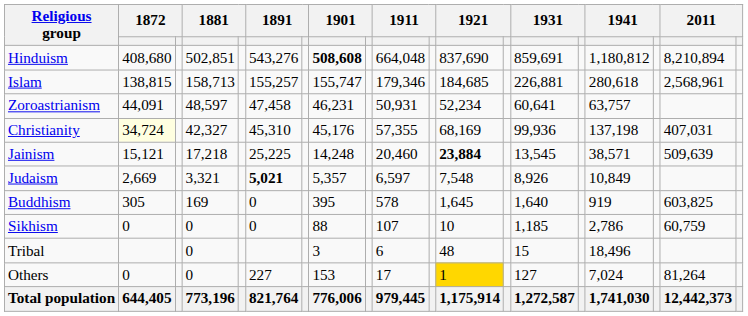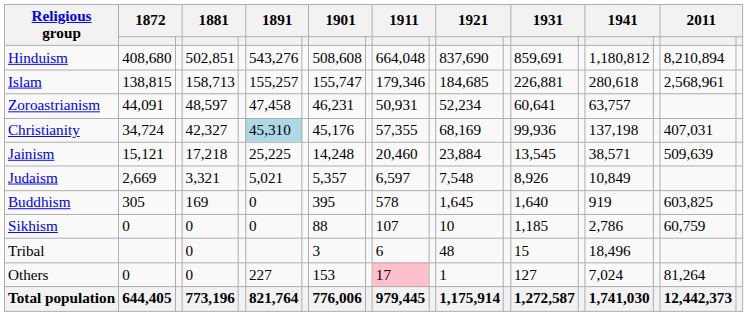 <table class="wikitable collapsible sortable">
 <tr>
 <th rowspan="2"><a href='#'>Religious</a><br>group</th>
 <th colspan="2">1872</th>
 <th colspan="2">1881</th>
 <th colspan="2">1891</th>
 <th colspan="2">1901</th>
 <th colspan="2">1911</th>
 <th colspan="2">1921</th>
 <th colspan="2">1931</th>
 <th colspan="2">1941</th>
 <th colspan="2">2011</th>
 </tr>
 <tr>
 <th><a href='#'></a></th>
 <th></th>
 <th></th>
 <th></th>
 <th></th>
 <th></th>
 <th></th>
 <th></th>
 <th></th>
 <th></th>
 <th></th>
 <th></th>
 <th></th>
 <th></th>
 <th></th>
 <th></th>
 <th></th>
 <th></th>
 </tr>
 <tr>
 <td><a href='#'>Hinduism</a> </td>
 <td>408,680</td>
 <td></td>
 <td>502,851</td>
 <td></td>
 <td>543,276</td>
 <td></td>
-<td><strong>508,608</strong></td>
+<td>508,608</td>
 <td></td>
 <td>664,048</td>
 <td></td>
 <td>837,690</td>
 <td></td>
 <td>859,691</td>
 <td></td>
 <td>1,180,812</td>
 <td></td>
 <td>8,210,894</td>
 <td></td>
 </tr>
 <tr>
 <td><a href='#'>Islam</a> </td>
 <td>138,815</td>
 <td></td>
 <td>158,713</td>
 <td></td>
 <td>155,257</td>
 <td></td>
 <td>155,747</td>
 <td></td>
 <td>179,346</td>
 <td></td>
 <td>184,685</td>
 <td></td>
 <td>226,881</td>
 <td></td>
 <td>280,618</td>
 <td></td>
 <td>2,568,961</td>
 <td></td>
 </tr>
 <tr>
 <td><a href='#'>Zoroastrianism</a> </td>
 <td>44,091</td>
 <td></td>
 <td>48,597</td>
 <td></td>
 <td>47,458</td>
 <td></td>
 <td>46,231</td>
 <td></td>
 <td>50,931</td>
 <td></td>
 <td>52,234</td>
 <td></td>
 <td>60,641</td>
 <td></td>
 <td>63,757</td>
 <td></td>
 <td></td>
 <td></td>
 </tr>
 <tr>
 <td><a href='#'>Christianity</a> </td>
-<td style="background: lightyellow;">34,724</td>
+<td>34,724</td>
 <td></td>
 <td>42,327</td>
 <td></td>
-<td>45,310</td>
+<td style="background: lightblue;">45,310</td>
 <td></td>
 <td>45,176</td>
 <td></td>
 <td>57,355</td>
 <td></td>
 <td>68,169</td>
 <td></td>
 <td>99,936</td>
 <td></td>
 <td>137,198</td>
 <td></td>
 <td>407,031</td>
 <td></td>
 </tr>
 <tr>
 <td><a href='#'>Jainism</a> </td>
 <td>15,121</td>
 <td></td>
 <td>17,218</td>
 <td></td>
 <td>25,225</td>
 <td></td>
 <td>14,248</td>
 <td></td>
 <td>20,460</td>
 <td></td>
-<td><strong>23,884</strong></td>
+<td>23,884</td>
 <td></td>
 <td>13,545</td>
 <td></td>
 <td>38,571</td>
 <td></td>
 <td>509,639</td>
 <td></td>
 </tr>
 <tr>
 <td><a href='#'>Judaism</a> </td>
 <td>2,669</td>
 <td></td>
 <td>3,321</td>
 <td></td>
-<td><strong>5,021</strong></td>
+<td>5,021</td>
 <td></td>
 <td>5,357</td>
 <td></td>
 <td>6,597</td>
 <td></td>
 <td>7,548</td>
 <td></td>
 <td>8,926</td>
 <td></td>
 <td>10,849</td>
 <td></td>
 <td></td>
 <td></td>
 </tr>
 <tr>
 <td><a href='#'>Buddhism</a> </td>
 <td>305</td>
 <td></td>
 <td>169</td>
 <td></td>
 <td>0</td>
 <td></td>
 <td>395</td>
 <td></td>
 <td>578</td>
 <td></td>
 <td>1,645</td>
 <td></td>
 <td>1,640</td>
 <td></td>
 <td>919</td>
 <td></td>
 <td>603,825</td>
 <td></td>
 </tr>
 <tr>
 <td><a href='#'>Sikhism</a> </td>
 <td>0</td>
 <td></td>
 <td>0</td>
 <td></td>
 <td>0</td>
 <td></td>
 <td>88</td>
 <td></td>
 <td>107</td>
 <td></td>
 <td>10</td>
 <td></td>
 <td>1,185</td>
 <td></td>
 <td>2,786</td>
 <td></td>
 <td>60,759</td>
 <td></td>
 </tr>
 <tr>
 <td>Tribal</td>
 <td></td>
 <td></td>
 <td>0</td>
 <td></td>
 <td></td>
 <td></td>
 <td>3</td>
 <td></td>
 <td>6</td>
 <td></td>
 <td>48</td>
 <td></td>
 <td>15</td>
 <td></td>
 <td>18,496</td>
 <td></td>
 <td></td>
 <td></td>
 </tr>
 <tr>
 <td>Others</td>
 <td>0</td>
 <td></td>
 <td>0</td>
 <td></td>
 <td>227</td>
 <td></td>
 <td>153</td>
 <td></td>
-<td>17</td>
+<td style="background: pink;">17</td>
 <td></td>
-<td style="background: gold;">1</td>
+<td>1</td>
 <td></td>
 <td>127</td>
 <td></td>
 <td>7,024</td>
 <td></td>
 <td>81,264</td>
 <td></td>
 </tr>
 <tr>
 <th>Total population</th>
 <th>644,405</th>
 <th></th>
 <th>773,196</th>
 <th></th>
 <th>821,764</th>
 <th></th>
 <th>776,006</th>
 <th></th>
 <th>979,445</th>
 <th></th>
 <th>1,175,914</th>
 <th></th>
 <th>1,272,587</th>
 <th></th>
 <th>1,741,030</th>
 <th></th>
 <th>12,442,373</th>
 <th></th>
 </tr>
 </table>
